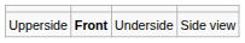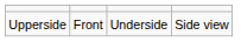 <table class="prettytable float-right">
 <tr>
 <td></td>
 <td></td>
 <td></td>
 <td></td>
 </tr>
 <tr>
 <td><small>Upperside</small></td>
-<td><strong><small>Front</small></strong></td>
+<td><small>Front</small></td>
 <td><small>Underside</small></td>
 <td><small>Side view</small></td>
 </tr>
 </table>
